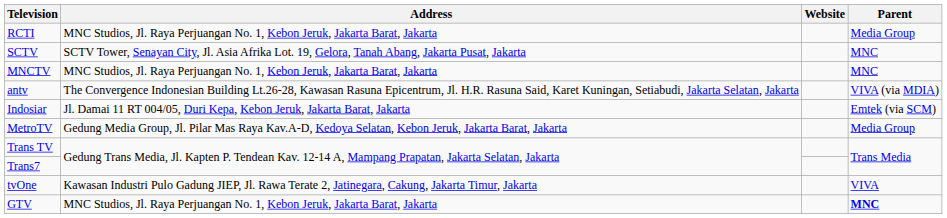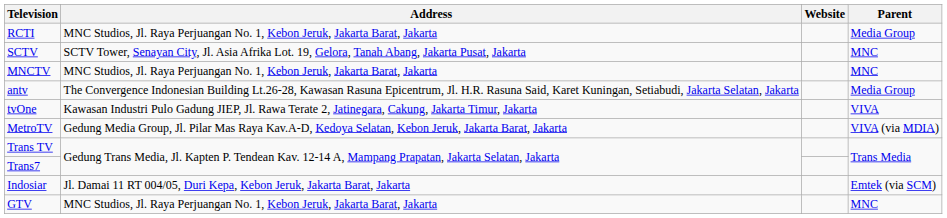 <table class="wikitable" style="align:left">
 <tr>
 <th>Television</th>
 <th>Address</th>
 <th>Website</th>
 <th>Parent</th>
 </tr>
 <tr>
 <td><a href='#'>RCTI</a></td>
 <td>MNC Studios, Jl. Raya Perjuangan No. 1, <a href='#'>Kebon Jeruk</a>, <a href='#'>Jakarta Barat</a>, <a href='#'>Jakarta</a></td>
 <td></td>
 <td><a href='#'>Media Group</a></td>
 </tr>
 <tr>
 <td><a href='#'>SCTV</a></td>
 <td>SCTV Tower, <a href='#'>Senayan City</a>, Jl. Asia Afrika Lot. 19, <a href='#'>Gelora</a>, <a href='#'>Tanah Abang</a>, <a href='#'>Jakarta Pusat</a>, <a href='#'>Jakarta</a></td>
 <td></td>
 <td><a href='#'>MNC</a></td>
 </tr>
 <tr>
 <td><a href='#'>MNCTV</a></td>
 <td>MNC Studios, Jl. Raya Perjuangan No. 1, <a href='#'>Kebon Jeruk</a>, <a href='#'>Jakarta Barat</a>, <a href='#'>Jakarta</a></td>
 <td></td>
 <td><a href='#'>MNC</a></td>
 </tr>
 <tr>
 <td><a href='#'>antv</a></td>
 <td>The Convergence Indonesian Building Lt.26-28, Kawasan Rasuna Epicentrum, Jl. H.R. Rasuna Said, Karet Kuningan, Setiabudi, <a href='#'>Jakarta Selatan</a>, <a href='#'>Jakarta</a></td>
 <td></td>
-<td><a href='#'>VIVA</a> (via <a href='#'>MDIA</a>)</td>
+<td><a href='#'>Media Group</a></td>
 </tr>
 <tr>
-<td><a href='#'>Indosiar</a></td>
-<td>Jl. Damai 11 RT 004/05, <a href='#'>Duri Kepa</a>, <a href='#'>Kebon Jeruk</a>, <a href='#'>Jakarta Barat</a>, <a href='#'>Jakarta</a></td>
+<td><a href='#'>tvOne</a></td>
+<td>Kawasan Industri Pulo Gadung JIEP, Jl. Rawa Terate 2, <a href='#'>Jatinegara</a>, <a href='#'>Cakung</a>, <a href='#'>Jakarta Timur</a>, <a href='#'>Jakarta</a></td>
 <td></td>
-<td><a href='#'>Emtek</a> (via <a href='#'>SCM</a>)</td>
+<td><a href='#'>VIVA</a></td>
 </tr>
 <tr>
 <td><a href='#'>MetroTV</a></td>
 <td>Gedung Media Group, Jl. Pilar Mas Raya Kav.A-D, <a href='#'>Kedoya Selatan</a>, <a href='#'>Kebon Jeruk</a>, <a href='#'>Jakarta Barat</a>, <a href='#'>Jakarta</a></td>
 <td></td>
-<td><a href='#'>Media Group</a></td>
+<td><a href='#'>VIVA</a> (via <a href='#'>MDIA</a>)</td>
 </tr>
 <tr>
 <td><a href='#'>Trans TV</a></td>
 <td rowspan="2">Gedung Trans Media, Jl. Kapten P. Tendean Kav. 12-14 A, <a href='#'>Mampang Prapatan</a>, <a href='#'>Jakarta Selatan</a>,  <a href='#'>Jakarta</a></td>
 <td></td>
 <td rowspan="2"><a href='#'>Trans Media</a></td>
 </tr>
 <tr>
 <td><a href='#'>Trans7</a></td>
 <td></td>
 </tr>
 <tr>
-<td><a href='#'>tvOne</a></td>
-<td>Kawasan Industri Pulo Gadung JIEP, Jl. Rawa Terate 2, <a href='#'>Jatinegara</a>, <a href='#'>Cakung</a>, <a href='#'>Jakarta Timur</a>, <a href='#'>Jakarta</a></td>
+<td><a href='#'>Indosiar</a></td>
+<td>Jl. Damai 11 RT 004/05, <a href='#'>Duri Kepa</a>, <a href='#'>Kebon Jeruk</a>, <a href='#'>Jakarta Barat</a>, <a href='#'>Jakarta</a></td>
 <td></td>
-<td><a href='#'>VIVA</a></td>
+<td><a href='#'>Emtek</a> (via <a href='#'>SCM</a>)</td>
 </tr>
 <tr>
 <td><a href='#'>GTV</a></td>
 <td>MNC Studios, Jl. Raya Perjuangan No. 1, <a href='#'>Kebon Jeruk</a>, <a href='#'>Jakarta Barat</a>, <a href='#'>Jakarta</a></td>
 <td></td>
-<td><strong><a href='#'>MNC</a></strong></td>
+<td><a href='#'>MNC</a></td>
 </tr>
 </table>
